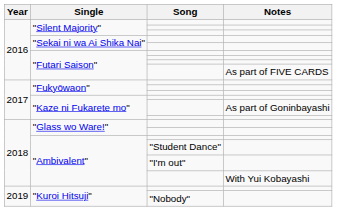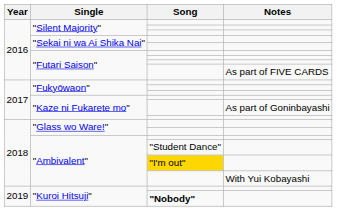 <table class="wikitable">
 <tr>
 <th>Year</th>
 <th>Single</th>
 <th>Song</th>
 <th>Notes</th>
 </tr>
 <tr>
 <td rowspan="9">2016</td>
 <td rowspan="3">"<a href='#'>Silent Majority</a>"</td>
 <td></td>
 <td></td>
 </tr>
 <tr>
 <td></td>
 <td></td>
 </tr>
 <tr>
 <td></td>
 <td></td>
 </tr>
 <tr>
 <td rowspan="2">"<a href='#'>Sekai ni wa Ai Shika Nai</a>"</td>
 <td></td>
 <td></td>
 </tr>
 <tr>
 <td></td>
 <td></td>
 </tr>
 <tr>
 <td rowspan="4">"<a href='#'>Futari Saison</a>"</td>
 <td></td>
 <td></td>
 </tr>
 <tr>
 <td></td>
 <td></td>
 </tr>
 <tr>
 <td></td>
 <td></td>
 </tr>
 <tr>
 <td></td>
 <td>As part of FIVE CARDS</td>
 </tr>
 <tr>
 <td rowspan="6">2017</td>
 <td rowspan="3">"<a href='#'>Fukyōwaon</a>"</td>
 <td></td>
 <td></td>
 </tr>
 <tr>
 <td></td>
 <td></td>
 </tr>
 <tr>
 <td></td>
 <td></td>
 </tr>
 <tr>
 <td rowspan="3">"<a href='#'>Kaze ni Fukarete mo</a>"</td>
 <td></td>
 <td></td>
 </tr>
 <tr>
 <td></td>
 <td>As part of Goninbayashi</td>
 </tr>
 <tr>
 <td></td>
 <td></td>
 </tr>
 <tr>
 <td rowspan="6">2018</td>
 <td rowspan="2">"<a href='#'>Glass wo Ware!</a>"</td>
 <td></td>
 <td></td>
 </tr>
 <tr>
 <td></td>
 <td></td>
 </tr>
 <tr>
 <td rowspan="4">"<a href='#'>Ambivalent</a>"</td>
 <td></td>
 <td></td>
 </tr>
 <tr>
 <td>"Student Dance"</td>
 <td></td>
 </tr>
 <tr>
-<td>"I'm out"</td>
+<td style="background: gold;">"I'm out"</td>
 <td></td>
 </tr>
 <tr>
 <td></td>
 <td>With Yui Kobayashi</td>
 </tr>
 <tr>
 <td rowspan="2">2019</td>
 <td rowspan="2">"<a href='#'>Kuroi Hitsuji</a>"</td>
 <td></td>
 <td></td>
 </tr>
 <tr>
-<td>"Nobody"</td>
+<td><strong>"Nobody"</strong></td>
 <td></td>
 </tr>
 </table>
